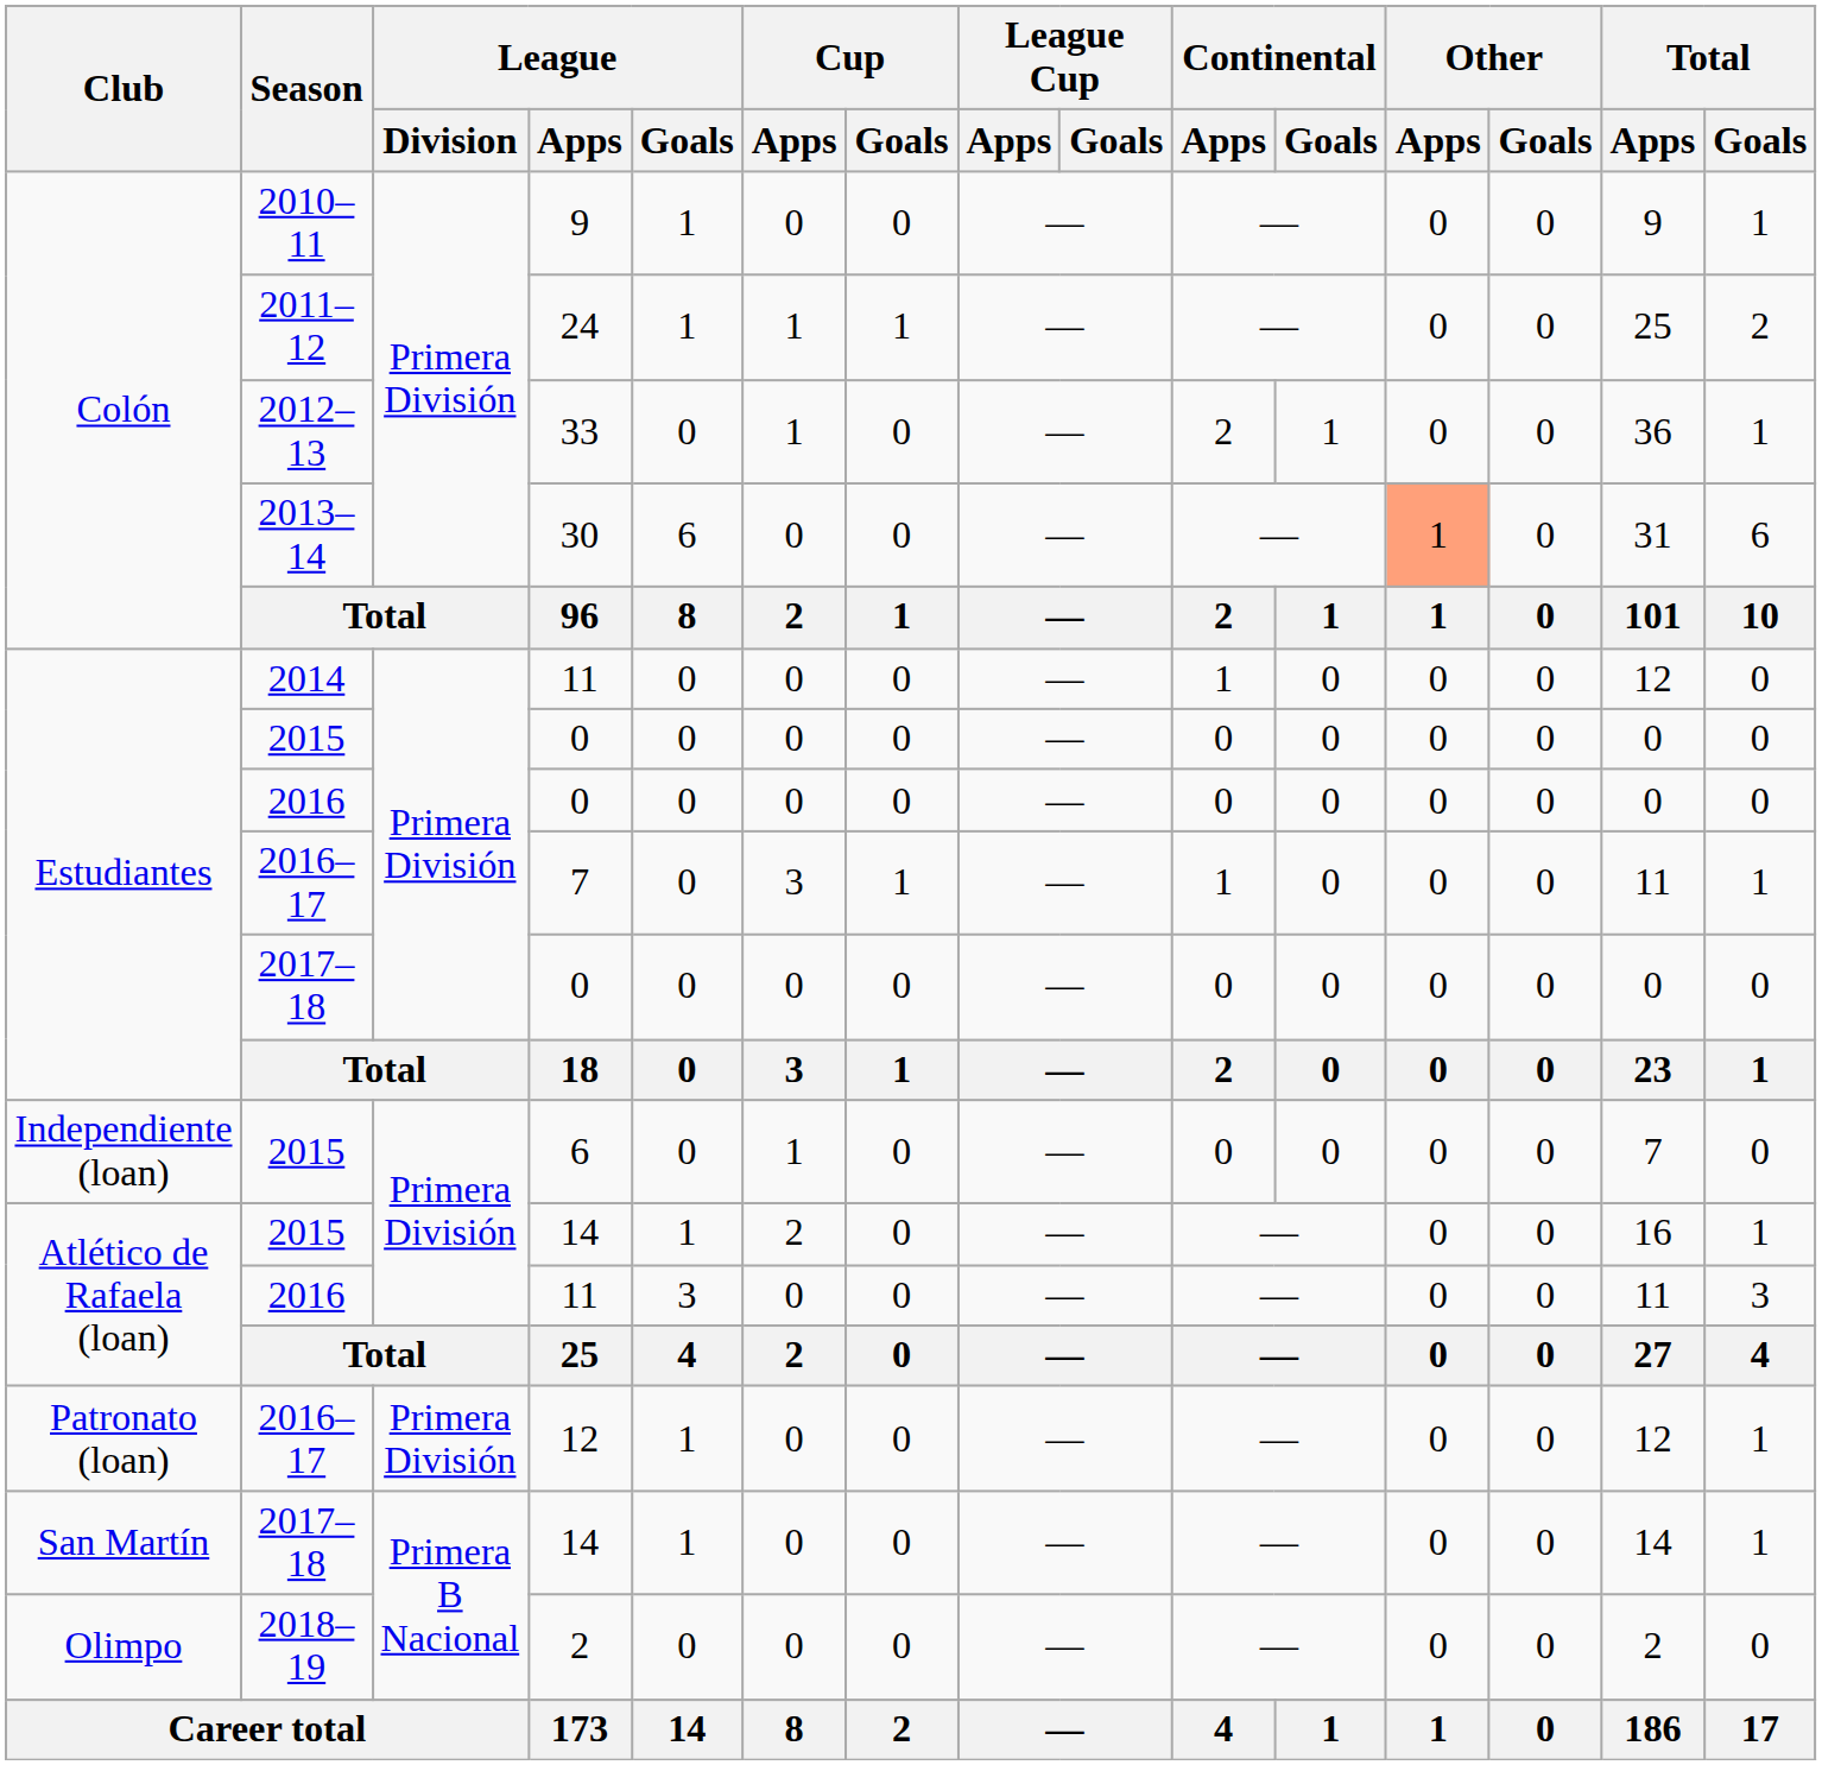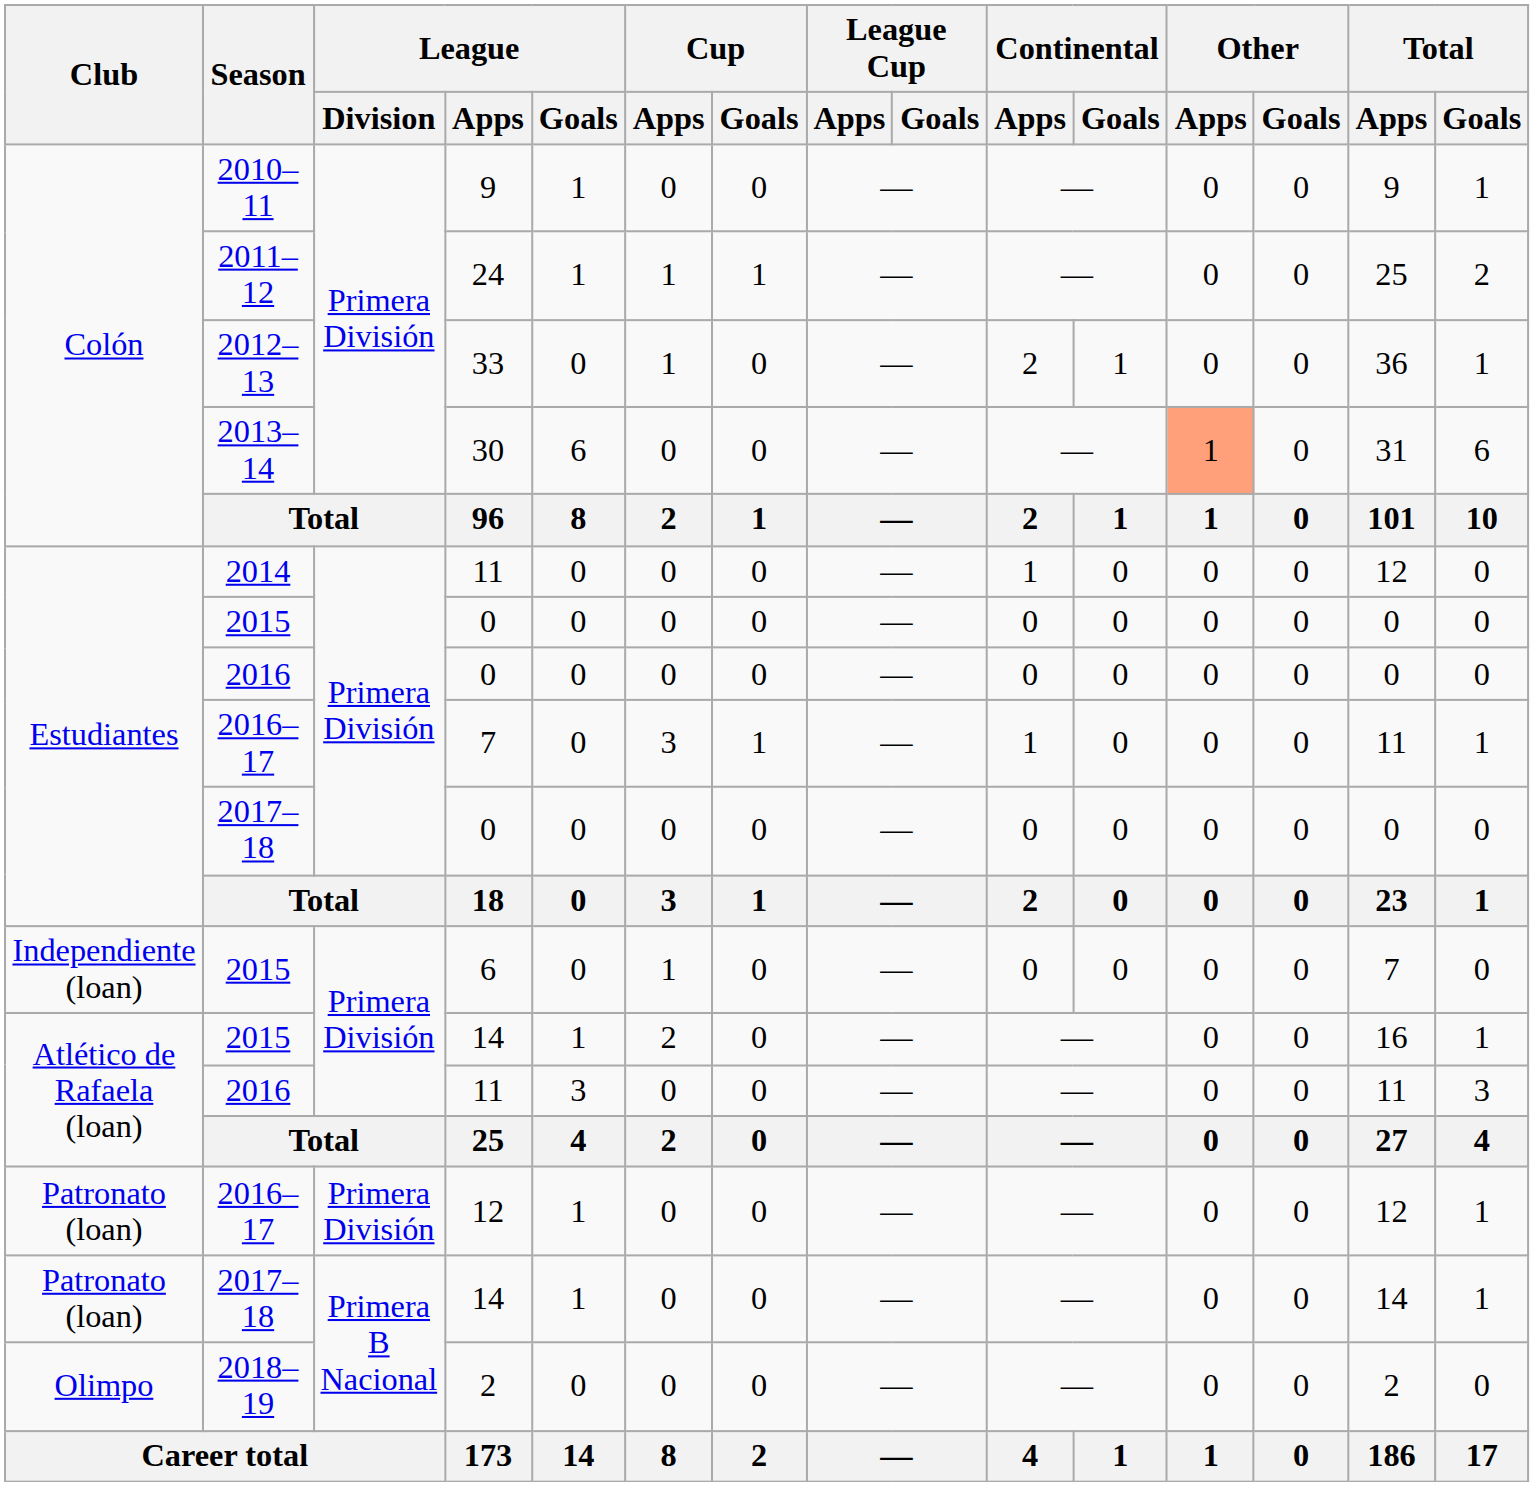 <table class="wikitable" style="text-align:center">
 <tr>
 <th rowspan="2">Club</th>
 <th rowspan="2">Season</th>
 <th colspan="3">League</th>
 <th colspan="2">Cup</th>
 <th colspan="2">League Cup</th>
 <th colspan="2">Continental</th>
 <th colspan="2">Other</th>
 <th colspan="2">Total</th>
 </tr>
 <tr>
 <th>Division</th>
 <th>Apps</th>
 <th>Goals</th>
 <th>Apps</th>
 <th>Goals</th>
 <th>Apps</th>
 <th>Goals</th>
 <th>Apps</th>
 <th>Goals</th>
 <th>Apps</th>
 <th>Goals</th>
 <th>Apps</th>
 <th>Goals</th>
 </tr>
 <tr>
 <td rowspan="5"><a href='#'>Colón</a></td>
 <td><a href='#'>2010–11</a></td>
 <td rowspan="4"><a href='#'>Primera División</a></td>
 <td>9</td>
 <td>1</td>
 <td>0</td>
 <td>0</td>
 <td colspan="2">—</td>
 <td colspan="2">—</td>
 <td>0</td>
 <td>0</td>
 <td>9</td>
 <td>1</td>
 </tr>
 <tr>
 <td><a href='#'>2011–12</a></td>
 <td>24</td>
 <td>1</td>
 <td>1</td>
 <td>1</td>
 <td colspan="2">—</td>
 <td colspan="2">—</td>
 <td>0</td>
 <td>0</td>
 <td>25</td>
 <td>2</td>
 </tr>
 <tr>
 <td><a href='#'>2012–13</a></td>
 <td>33</td>
 <td>0</td>
 <td>1</td>
 <td>0</td>
 <td colspan="2">—</td>
 <td>2</td>
 <td>1</td>
 <td>0</td>
 <td>0</td>
 <td>36</td>
 <td>1</td>
 </tr>
 <tr>
 <td><a href='#'>2013–14</a></td>
 <td>30</td>
 <td>6</td>
 <td>0</td>
 <td>0</td>
 <td colspan="2">—</td>
 <td colspan="2">—</td>
 <td style="background: lightsalmon;">1</td>
 <td>0</td>
 <td>31</td>
 <td>6</td>
 </tr>
 <tr>
 <th colspan="2">Total</th>
 <th>96</th>
 <th>8</th>
 <th>2</th>
 <th>1</th>
 <th colspan="2">—</th>
 <th>2</th>
 <th>1</th>
 <th>1</th>
 <th>0</th>
 <th>101</th>
 <th>10</th>
 </tr>
 <tr>
 <td rowspan="6"><a href='#'>Estudiantes</a></td>
 <td><a href='#'>2014</a></td>
 <td rowspan="5"><a href='#'>Primera División</a></td>
 <td>11</td>
 <td>0</td>
 <td>0</td>
 <td>0</td>
 <td colspan="2">—</td>
 <td>1</td>
 <td>0</td>
 <td>0</td>
 <td>0</td>
 <td>12</td>
 <td>0</td>
 </tr>
 <tr>
 <td><a href='#'>2015</a></td>
 <td>0</td>
 <td>0</td>
 <td>0</td>
 <td>0</td>
 <td colspan="2">—</td>
 <td>0</td>
 <td>0</td>
 <td>0</td>
 <td>0</td>
 <td>0</td>
 <td>0</td>
 </tr>
 <tr>
 <td><a href='#'>2016</a></td>
 <td>0</td>
 <td>0</td>
 <td>0</td>
 <td>0</td>
 <td colspan="2">—</td>
 <td>0</td>
 <td>0</td>
 <td>0</td>
 <td>0</td>
 <td>0</td>
 <td>0</td>
 </tr>
 <tr>
 <td><a href='#'>2016–17</a></td>
 <td>7</td>
 <td>0</td>
 <td>3</td>
 <td>1</td>
 <td colspan="2">—</td>
 <td>1</td>
 <td>0</td>
 <td>0</td>
 <td>0</td>
 <td>11</td>
 <td>1</td>
 </tr>
 <tr>
 <td><a href='#'>2017–18</a></td>
 <td>0</td>
 <td>0</td>
 <td>0</td>
 <td>0</td>
 <td colspan="2">—</td>
 <td>0</td>
 <td>0</td>
 <td>0</td>
 <td>0</td>
 <td>0</td>
 <td>0</td>
 </tr>
 <tr>
 <th colspan="2">Total</th>
 <th>18</th>
 <th>0</th>
 <th>3</th>
 <th>1</th>
 <th colspan="2">—</th>
 <th>2</th>
 <th>0</th>
 <th>0</th>
 <th>0</th>
 <th>23</th>
 <th>1</th>
 </tr>
 <tr>
 <td rowspan="1"><a href='#'>Independiente</a> (loan)</td>
 <td><a href='#'>2015</a></td>
 <td rowspan="3"><a href='#'>Primera División</a></td>
 <td>6</td>
 <td>0</td>
 <td>1</td>
 <td>0</td>
 <td colspan="2">—</td>
 <td>0</td>
 <td>0</td>
 <td>0</td>
 <td>0</td>
 <td>7</td>
 <td>0</td>
 </tr>
 <tr>
 <td rowspan="3"><a href='#'>Atlético de Rafaela</a> (loan)</td>
 <td><a href='#'>2015</a></td>
 <td>14</td>
 <td>1</td>
 <td>2</td>
 <td>0</td>
 <td colspan="2">—</td>
 <td colspan="2">—</td>
 <td>0</td>
 <td>0</td>
 <td>16</td>
 <td>1</td>
 </tr>
 <tr>
 <td><a href='#'>2016</a></td>
 <td>11</td>
 <td>3</td>
 <td>0</td>
 <td>0</td>
 <td colspan="2">—</td>
 <td colspan="2">—</td>
 <td>0</td>
 <td>0</td>
 <td>11</td>
 <td>3</td>
 </tr>
 <tr>
 <th colspan="2">Total</th>
 <th>25</th>
 <th>4</th>
 <th>2</th>
 <th>0</th>
 <th colspan="2">—</th>
 <th colspan="2">—</th>
 <th>0</th>
 <th>0</th>
 <th>27</th>
 <th>4</th>
 </tr>
 <tr>
 <td rowspan="1"><a href='#'>Patronato</a> (loan)</td>
 <td><a href='#'>2016–17</a></td>
 <td rowspan="1"><a href='#'>Primera División</a></td>
 <td>12</td>
 <td>1</td>
 <td>0</td>
 <td>0</td>
 <td colspan="2">—</td>
 <td colspan="2">—</td>
 <td>0</td>
 <td>0</td>
 <td>12</td>
 <td>1</td>
 </tr>
 <tr>
-<td rowspan="1"><a href='#'>San Martín</a></td>
+<td rowspan="1"><a href='#'>Patronato</a> (loan)</td>
 <td><a href='#'>2017–18</a></td>
 <td rowspan="2"><a href='#'>Primera B Nacional</a></td>
 <td>14</td>
 <td>1</td>
 <td>0</td>
 <td>0</td>
 <td colspan="2">—</td>
 <td colspan="2">—</td>
 <td>0</td>
 <td>0</td>
 <td>14</td>
 <td>1</td>
 </tr>
 <tr>
 <td rowspan="1"><a href='#'>Olimpo</a></td>
 <td><a href='#'>2018–19</a></td>
 <td>2</td>
 <td>0</td>
 <td>0</td>
 <td>0</td>
 <td colspan="2">—</td>
 <td colspan="2">—</td>
 <td>0</td>
 <td>0</td>
 <td>2</td>
 <td>0</td>
 </tr>
 <tr>
 <th colspan="3">Career total</th>
 <th>173</th>
 <th>14</th>
 <th>8</th>
 <th>2</th>
 <th colspan="2">—</th>
 <th>4</th>
 <th>1</th>
 <th>1</th>
 <th>0</th>
 <th>186</th>
 <th>17</th>
 </tr>
 </table>
